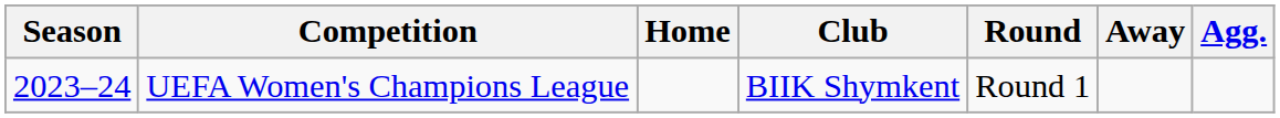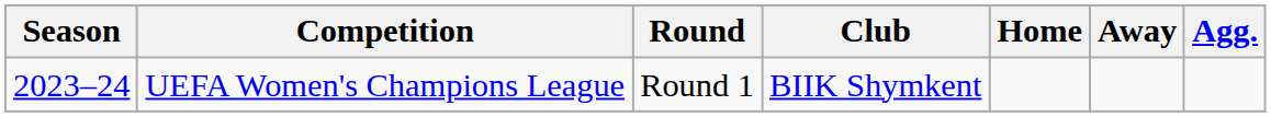 <table class="wikitable">
 <tr>
 <th>Season</th>
 <th>Competition</th>
+<th>Round</th>
+<th>Club</th>
 <th>Home</th>
-<th>Club</th>
-<th>Round</th>
 <th>Away</th>
 <th><a href='#'>Agg.</a></th>
 </tr>
 <tr>
 <td><a href='#'>2023–24</a></td>
 <td><a href='#'>UEFA Women's Champions League</a></td>
+<td>Round 1</td>
+<td> <a href='#'>BIIK Shymkent</a></td>
 <td style="text-align:center;"></td>
-<td> <a href='#'>BIIK Shymkent</a></td>
-<td>Round 1</td>
 <td style="text-align:center;"></td>
 <td style="text-align:center;"></td>
 </tr>
 </table>
